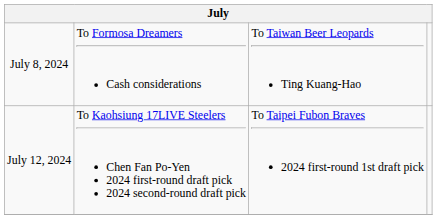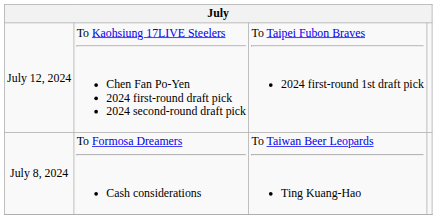 <table class="wikitable" style="text-align:center">
 <tr>
 <th colspan="4">July</th>
+</tr>
+<tr>
+<td>July 12, 2024</td>
+<td align="left" valign="top">To <a href='#'>Kaohsiung 17LIVE Steelers</a><hr><br><ul><li>Chen Fan Po-Yen</li><li>2024 first-round draft pick</li><li>2024 second-round draft pick</li></ul></td>
+<td align="left" valign="top">To <a href='#'>Taipei Fubon Braves</a><hr><br><ul><li>2024 first-round 1st draft pick</li></ul></td>
+<td align="center"></td>
 </tr>
 <tr>
 <td>July 8, 2024</td>
 <td align="left" valign="top">To <a href='#'>Formosa Dreamers</a><hr><br><ul><li>Cash considerations</li></ul></td>
 <td align="left" valign="top">To <a href='#'>Taiwan Beer Leopards</a><hr><br><ul><li>Ting Kuang-Hao</li></ul></td>
 <td align="center"></td>
 </tr>
 <tr>
-<td>July 12, 2024</td>
-<td align="left" valign="top">To <a href='#'>Kaohsiung 17LIVE Steelers</a><hr><br><ul><li>Chen Fan Po-Yen</li><li>2024 first-round draft pick</li><li>2024 second-round draft pick</li></ul></td>
-<td align="left" valign="top">To <a href='#'>Taipei Fubon Braves</a><hr><br><ul><li>2024 first-round 1st draft pick</li></ul></td>
-<td align="center"></td>
-</tr>
-<tr>
 </tr>
 </table>
